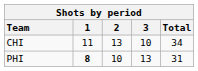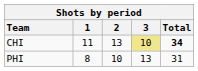 <table class="wikitable" style="width:20em; text-align:right;">
 <tr>
 <th colspan=6>Shots by period</th>
 </tr>
 <tr>
 <th style="width:8em; text-align:left;">Team</th>
 <th style="width:3em;">1</th>
 <th style="width:3em;">2</th>
 <th style="width:3em;">3</th>
 <th style="width:3em;">Total</th>
 </tr>
 <tr style="text-align:center;">
 <td style="text-align:left;">CHI</td>
 <td>11</td>
 <td>13</td>
-<td>10</td>
-<td>34</td>
+<td style="background: khaki;">10</td>
+<td><strong>34</strong></td>
 </tr>
 <tr style="text-align:center;">
 <td style="text-align:left;">PHI</td>
-<td><strong>8</strong></td>
+<td>8</td>
 <td>10</td>
 <td>13</td>
 <td>31</td>
 </tr>
 </table>
